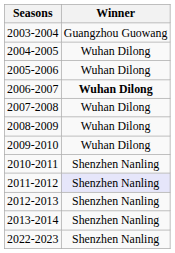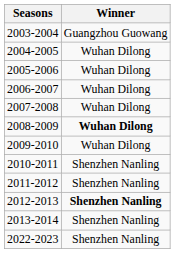 <table class="wikitable" style="text-align: center;">
 <tr>
 <th>Seasons</th>
 <th>Winner</th>
 </tr>
 <tr>
 <td>2003-2004</td>
 <td>Guangzhou Guowang</td>
 </tr>
 <tr>
 <td>2004-2005</td>
 <td>Wuhan Dilong</td>
 </tr>
 <tr>
 <td>2005-2006</td>
 <td>Wuhan Dilong</td>
 </tr>
 <tr>
 <td>2006-2007</td>
-<td><strong>Wuhan Dilong</strong></td>
+<td>Wuhan Dilong</td>
 </tr>
 <tr>
 <td>2007-2008</td>
 <td>Wuhan Dilong</td>
 </tr>
 <tr>
 <td>2008-2009</td>
-<td>Wuhan Dilong</td>
+<td><strong>Wuhan Dilong</strong></td>
 </tr>
 <tr>
 <td>2009-2010</td>
 <td>Wuhan Dilong</td>
 </tr>
 <tr>
 <td>2010-2011</td>
 <td>Shenzhen Nanling</td>
 </tr>
 <tr>
 <td>2011-2012</td>
-<td style="background: lavender;">Shenzhen Nanling</td>
+<td>Shenzhen Nanling</td>
 </tr>
 <tr>
 <td>2012-2013</td>
-<td>Shenzhen Nanling</td>
+<td><strong>Shenzhen Nanling</strong></td>
 </tr>
 <tr>
 <td>2013-2014</td>
 <td>Shenzhen Nanling</td>
 </tr>
 <tr>
 <td>2022-2023</td>
 <td>Shenzhen Nanling</td>
 </tr>
 </table>
